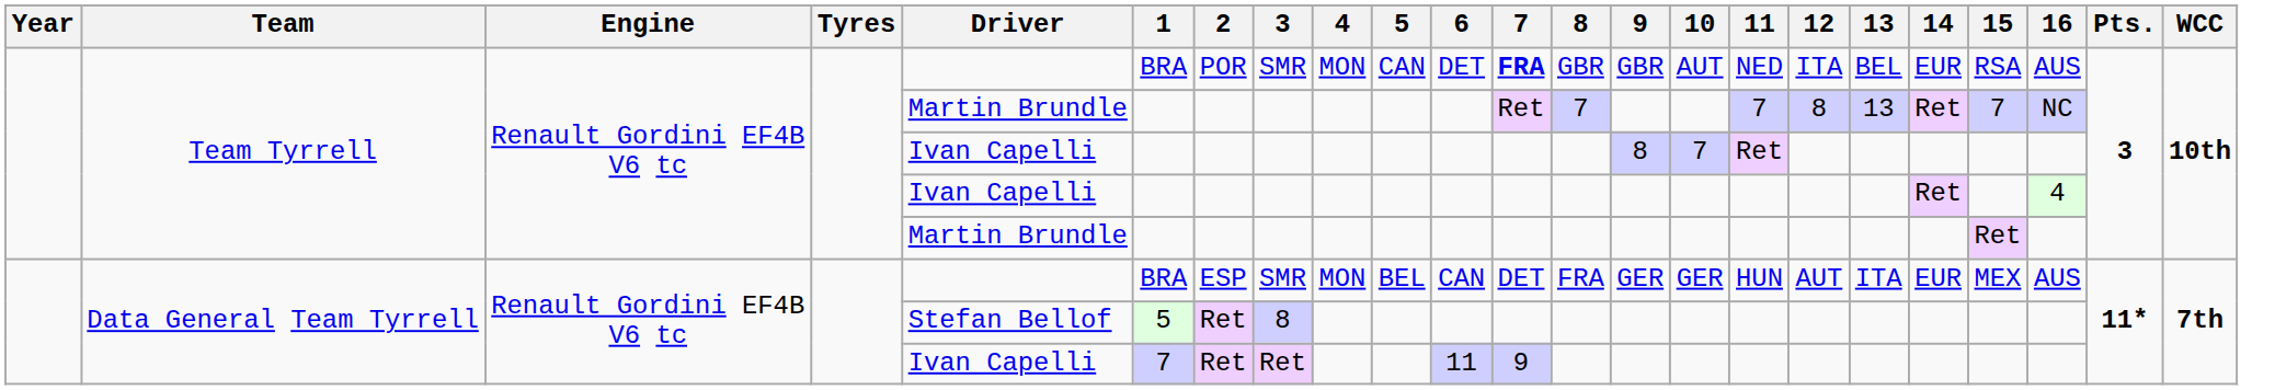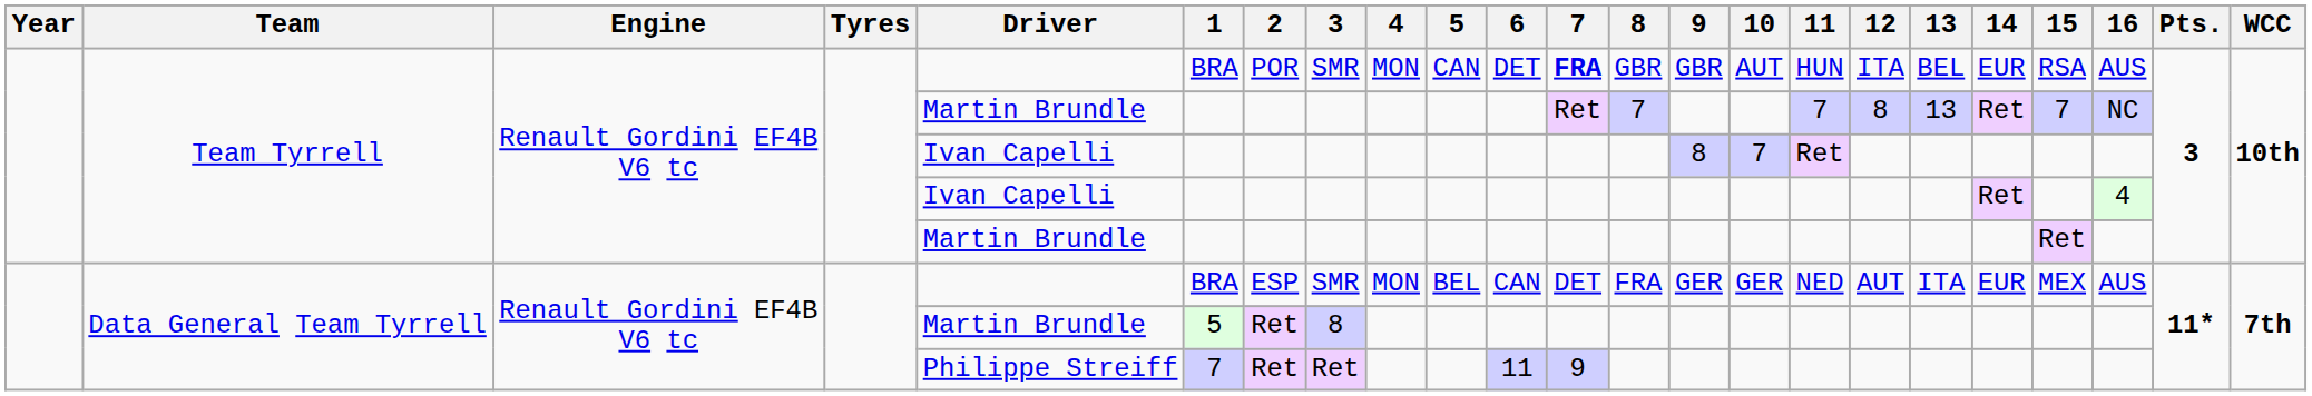 <table class="wikitable" style="text-align:center; font-size:95%">
 <tr>
 <th>Year</th>
 <th>Team</th>
 <th>Engine</th>
 <th>Tyres</th>
 <th>Driver</th>
 <th>1</th>
 <th>2</th>
 <th>3</th>
 <th>4</th>
 <th>5</th>
 <th>6</th>
 <th>7</th>
 <th>8</th>
 <th>9</th>
 <th>10</th>
 <th>11</th>
 <th>12</th>
 <th>13</th>
 <th>14</th>
 <th>15</th>
 <th>16</th>
 <th>Pts.</th>
 <th>WCC</th>
 </tr>
 <tr>
 <td rowspan="5"></td>
 <td rowspan="5"><a href='#'>Team Tyrrell</a></td>
 <td rowspan="5"><a href='#'>Renault Gordini</a> <a href='#'>EF4B</a><br><a href='#'>V6</a> <a href='#'>tc</a></td>
 <td rowspan="5"></td>
 <td></td>
 <td><a href='#'>BRA</a></td>
 <td><a href='#'>POR</a></td>
 <td><a href='#'>SMR</a></td>
 <td><a href='#'>MON</a></td>
 <td><a href='#'>CAN</a></td>
 <td><a href='#'>DET</a></td>
 <td><strong><a href='#'>FRA</a></strong></td>
 <td><a href='#'>GBR</a></td>
 <td><a href='#'>GBR</a></td>
 <td><a href='#'>AUT</a></td>
-<td><a href='#'>NED</a></td>
+<td><a href='#'>HUN</a></td>
 <td><a href='#'>ITA</a></td>
 <td><a href='#'>BEL</a></td>
 <td><a href='#'>EUR</a></td>
 <td><a href='#'>RSA</a></td>
 <td><a href='#'>AUS</a></td>
 <td rowspan="5"><strong>3</strong></td>
 <td rowspan="5"><strong>10th</strong></td>
 </tr>
 <tr>
 <td align="left"> <a href='#'>Martin Brundle</a></td>
 <td></td>
 <td></td>
 <td></td>
 <td></td>
 <td></td>
 <td></td>
 <td style="background:#EFCFFF;">Ret</td>
 <td style="background:#CFCFFF;">7</td>
 <td></td>
 <td></td>
 <td style="background:#CFCFFF;">7</td>
 <td style="background:#CFCFFF;">8</td>
 <td style="background:#CFCFFF;">13</td>
 <td style="background:#EFCFFF;">Ret</td>
 <td style="background:#CFCFFF;">7</td>
 <td style="background:#CFCFFF;">NC</td>
 </tr>
 <tr>
 <td align="left"> <a href='#'>Ivan Capelli</a></td>
 <td></td>
 <td></td>
 <td></td>
 <td></td>
 <td></td>
 <td></td>
 <td></td>
 <td></td>
 <td style="background:#CFCFFF;">8</td>
 <td style="background:#CFCFFF;">7</td>
 <td style="background:#EFCFFF;">Ret</td>
 <td></td>
 <td></td>
 <td></td>
 <td></td>
 <td></td>
 </tr>
 <tr>
 <td align="left"> <a href='#'>Ivan Capelli</a></td>
 <td></td>
 <td></td>
 <td></td>
 <td></td>
 <td></td>
 <td></td>
 <td></td>
 <td></td>
 <td></td>
 <td></td>
 <td></td>
 <td></td>
 <td></td>
 <td style="background:#EFCFFF;">Ret</td>
 <td></td>
 <td style="background:#DFFFDF;">4</td>
 </tr>
 <tr>
 <td align="left"> <a href='#'>Martin Brundle</a></td>
 <td></td>
 <td></td>
 <td></td>
 <td></td>
 <td></td>
 <td></td>
 <td></td>
 <td></td>
 <td></td>
 <td></td>
 <td></td>
 <td></td>
 <td></td>
 <td></td>
 <td style="background:#EFCFFF;">Ret</td>
 <td></td>
 </tr>
 <tr>
 <td rowspan="3"></td>
 <td rowspan="3"><a href='#'>Data General</a> <a href='#'>Team Tyrrell</a></td>
 <td rowspan="3"><a href='#'>Renault Gordini</a> EF4B<br><a href='#'>V6</a> <a href='#'>tc</a></td>
 <td rowspan="3"></td>
 <td></td>
 <td><a href='#'>BRA</a></td>
 <td><a href='#'>ESP</a></td>
 <td><a href='#'>SMR</a></td>
 <td><a href='#'>MON</a></td>
 <td><a href='#'>BEL</a></td>
 <td><a href='#'>CAN</a></td>
 <td><a href='#'>DET</a></td>
 <td><a href='#'>FRA</a></td>
 <td><a href='#'>GER</a></td>
 <td><a href='#'>GER</a></td>
-<td><a href='#'>HUN</a></td>
+<td><a href='#'>NED</a></td>
 <td><a href='#'>AUT</a></td>
 <td><a href='#'>ITA</a></td>
 <td><a href='#'>EUR</a></td>
 <td><a href='#'>MEX</a></td>
 <td><a href='#'>AUS</a></td>
 <td rowspan="3"><strong>11*</strong></td>
 <td rowspan="3"><strong>7th</strong></td>
 </tr>
 <tr>
-<td align="left"> <a href='#'>Stefan Bellof</a></td>
+<td align="left"> <a href='#'>Martin Brundle</a></td>
 <td style="background:#DFFFDF;">5</td>
 <td style="background:#EFCFFF;">Ret</td>
 <td style="background:#CFCFFF;">8</td>
 <td></td>
 <td></td>
 <td></td>
 <td></td>
 <td></td>
 <td></td>
 <td></td>
 <td></td>
 <td></td>
 <td></td>
 <td></td>
 <td></td>
 <td></td>
 </tr>
 <tr>
-<td align="left"> <a href='#'>Ivan Capelli</a></td>
+<td align="left"> <a href='#'>Philippe Streiff</a></td>
 <td style="background:#CFCFFF;">7</td>
 <td style="background:#EFCFFF;">Ret</td>
 <td style="background:#EFCFFF;">Ret</td>
 <td></td>
 <td></td>
 <td style="background:#cfcfff;">11</td>
 <td style="background:#cfcfff;">9</td>
 <td></td>
 <td></td>
 <td></td>
 <td></td>
 <td></td>
 <td></td>
 <td></td>
 <td></td>
 <td></td>
 </tr>
 </table>
